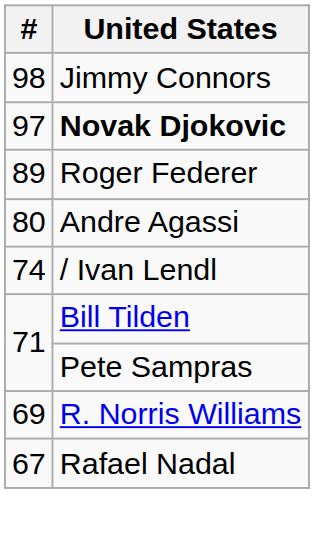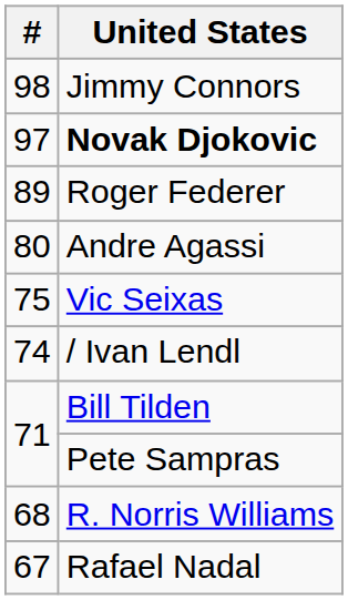 <table class=wikitable style="display:inline-table;">
 <tr>
 <th>#</th>
 <th>United States</th>
 </tr>
 <tr>
 <td>98</td>
 <td> Jimmy Connors</td>
 </tr>
 <tr>
 <td>97</td>
 <td> <strong>Novak Djokovic</strong></td>
 </tr>
 <tr>
 <td>89</td>
 <td> Roger Federer</td>
 </tr>
 <tr>
 <td>80</td>
 <td> Andre Agassi</td>
 </tr>
 <tr>
+<td>75</td>
+<td> <a href='#'>Vic Seixas</a></td>
+</tr>
+<tr>
 <td>74</td>
 <td>/ Ivan Lendl</td>
 </tr>
 <tr>
 <td rowspan="2">71</td>
 <td> <a href='#'>Bill Tilden</a></td>
 </tr>
 <tr>
 <td> Pete Sampras</td>
 </tr>
 <tr>
-<td>69</td>
+<td>68</td>
 <td> <a href='#'>R. Norris Williams</a></td>
 </tr>
 <tr>
 <td>67</td>
 <td> Rafael Nadal</td>
 </tr>
 </table>
